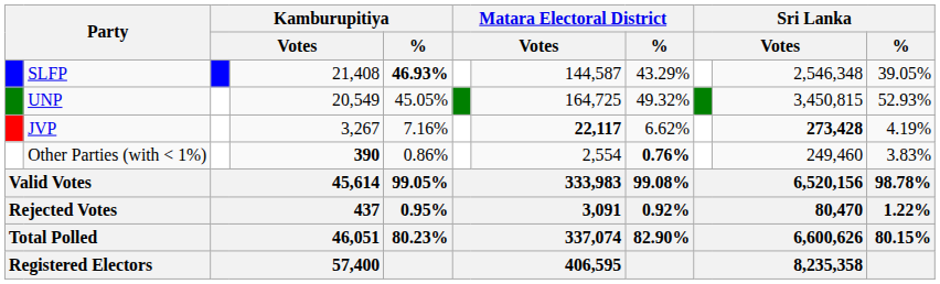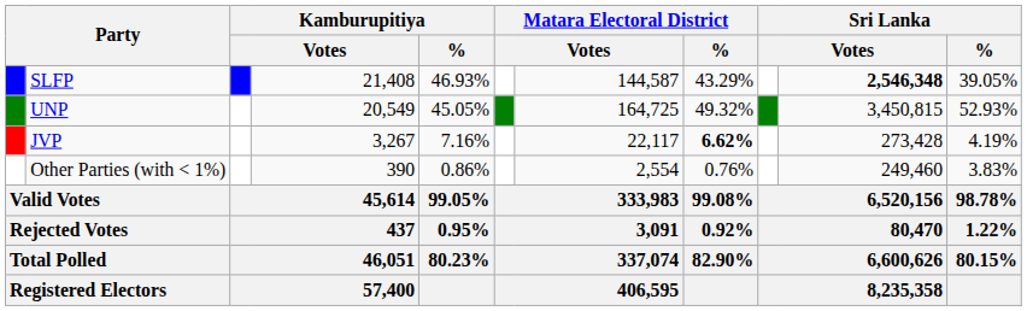 <table class="wikitable">
 <tr>
 <th colspan="2" width="144px"rowspan="2">Party</th>
 <th colspan="3" width="216px">Kamburupitiya</th>
 <th colspan="3" width="216px"><a href='#'>Matara Electoral District</a></th>
 <th colspan="3" width="216px">Sri Lanka</th>
 </tr>
 <tr>
 <th colspan="2" width="144px">Votes</th>
 <th>%</th>
 <th colspan="2" width="144px">Votes</th>
 <th>%</th>
 <th colspan="2" width="144px">Votes</th>
 <th>%</th>
 </tr>
 <tr>
 <td style="background-color:blue;" width="10px"></td>
 <td style="text-align:left;"><a href='#'>SLFP</a></td>
 <td style="background-color:blue;" width="10px"></td>
 <td style="text-align:right;">21,408</td>
-<td style="text-align:right;"><strong>46.93%</strong></td>
+<td style="text-align:right;">46.93%</td>
 <td style="background-color:white;" width="10px"></td>
 <td style="text-align:right;">144,587</td>
 <td style="text-align:right;">43.29%</td>
 <td style="background-color:white;" width="10px"></td>
-<td style="text-align:right;">2,546,348</td>
+<td style="text-align:right;"><strong>2,546,348</strong></td>
 <td style="text-align:right;">39.05%</td>
 </tr>
 <tr>
 <td style="background-color:green;" width="10px"></td>
 <td style="text-align:left;"><a href='#'>UNP</a></td>
 <td style="background-color:white;" width="10px"></td>
 <td style="text-align:right;">20,549</td>
 <td style="text-align:right;">45.05%</td>
 <td style="background-color:green;" width="10px"></td>
 <td style="text-align:right;">164,725</td>
 <td style="text-align:right;">49.32%</td>
 <td style="background-color:green;" width="10px"></td>
 <td style="text-align:right;">3,450,815</td>
 <td style="text-align:right;">52.93%</td>
 </tr>
 <tr>
 <td style="background-color:red;" width="10px"></td>
 <td style="text-align:left;"><a href='#'>JVP</a></td>
 <td style="background-color:white;" width="10px"></td>
 <td style="text-align:right;">3,267</td>
 <td style="text-align:right;">7.16%</td>
 <td style="background-color:white;" width="10px"></td>
-<td style="text-align:right;"><strong>22,117</strong></td>
-<td style="text-align:right;">6.62%</td>
+<td style="text-align:right;">22,117</td>
+<td style="text-align:right;"><strong>6.62%</strong></td>
 <td style="background-color:white;" width="10px"></td>
-<td style="text-align:right;"><strong>273,428</strong></td>
+<td style="text-align:right;">273,428</td>
 <td style="text-align:right;">4.19%</td>
 </tr>
 <tr>
 <td style="background-color:white;" width="10px"></td>
 <td style="text-align:left;">Other Parties (with < 1%)</td>
 <td style="background-color:white;" width="10px"></td>
-<td style="text-align:right;"><strong>390</strong></td>
+<td style="text-align:right;">390</td>
 <td style="text-align:right;">0.86%</td>
 <td style="background-color:white;" width="10px"></td>
 <td style="text-align:right;">2,554</td>
-<td style="text-align:right;"><strong>0.76%</strong></td>
+<td style="text-align:right;">0.76%</td>
 <td style="background-color:white;" width="10px"></td>
 <td style="text-align:right;">249,460</td>
 <td style="text-align:right;">3.83%</td>
 </tr>
 <tr>
 <th colspan="2" width="144px"style="text-align:left;">Valid Votes</th>
 <th style="text-align:right;"colspan="2" width="144px">45,614</th>
 <th style="text-align:right;">99.05%</th>
 <th style="text-align:right;"colspan="2" width="144px">333,983</th>
 <th style="text-align:right;">99.08%</th>
 <th style="text-align:right;"colspan="2" width="144px">6,520,156</th>
 <th style="text-align:right;">98.78%</th>
 </tr>
 <tr>
 <th colspan="2" width="144px"style="text-align:left;">Rejected Votes</th>
 <th style="text-align:right;"colspan="2" width="144px">437</th>
 <th style="text-align:right;">0.95%</th>
 <th style="text-align:right;"colspan="2" width="144px">3,091</th>
 <th style="text-align:right;">0.92%</th>
 <th style="text-align:right;"colspan="2" width="144px">80,470</th>
 <th style="text-align:right;">1.22%</th>
 </tr>
 <tr>
 <th colspan="2" width="144px"style="text-align:left;">Total Polled</th>
 <th style="text-align:right;"colspan="2" width="144px">46,051</th>
 <th style="text-align:right;">80.23%</th>
 <th style="text-align:right;"colspan="2" width="144px">337,074</th>
 <th style="text-align:right;">82.90%</th>
 <th style="text-align:right;"colspan="2" width="144px">6,600,626</th>
 <th style="text-align:right;">80.15%</th>
 </tr>
 <tr>
 <th colspan="2" width="144px"style="text-align:left;">Registered Electors</th>
 <th style="text-align:right;"colspan="2" width="144px">57,400</th>
 <th></th>
 <th style="text-align:right;"colspan="2" width="144px">406,595</th>
 <th></th>
 <th style="text-align:right;"colspan="2" width="144px">8,235,358</th>
 <th></th>
 </tr>
 </table>
